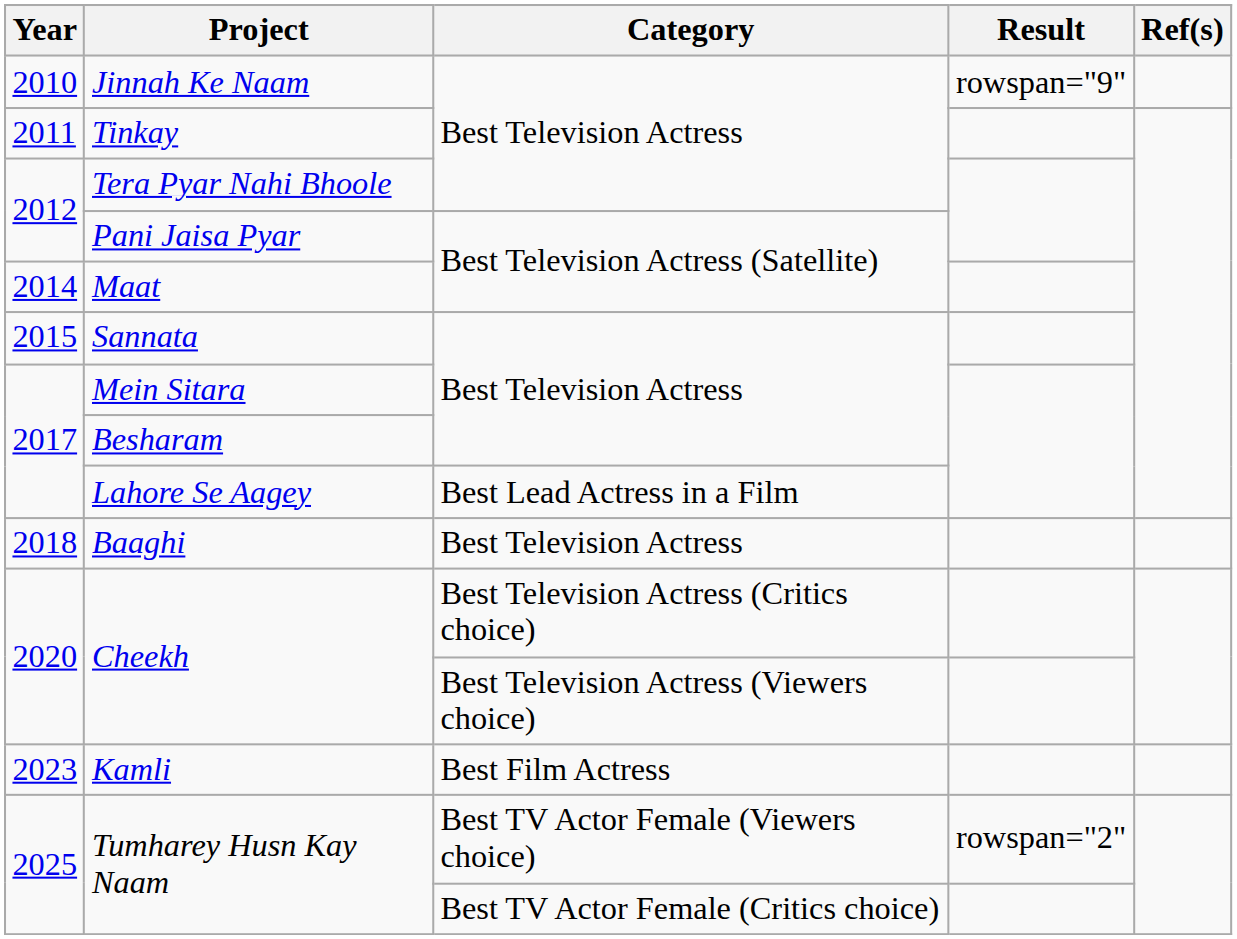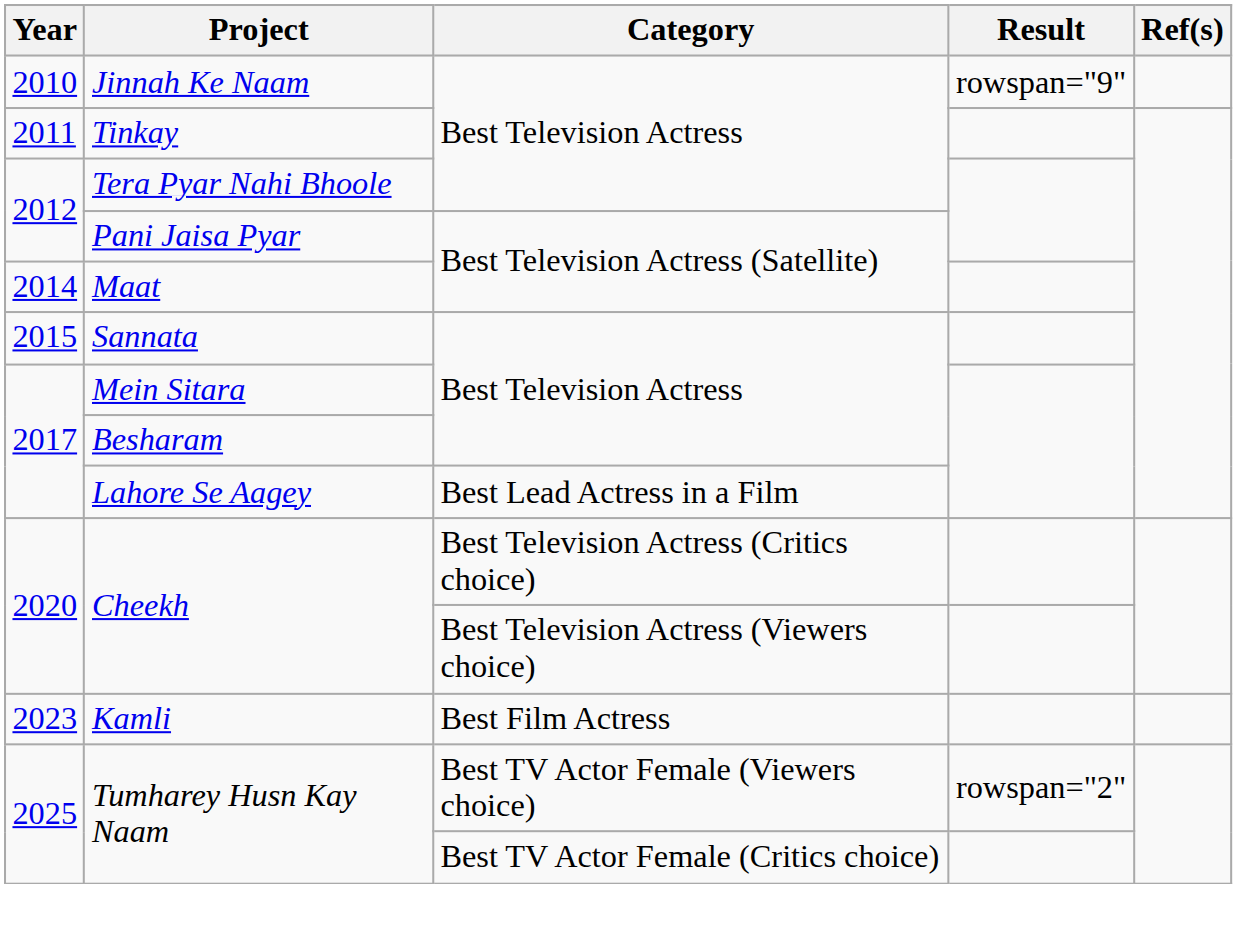 <table class="wikitable style">
 <tr>
 <th>Year</th>
 <th>Project</th>
 <th>Category</th>
 <th>Result</th>
 <th>Ref(s)</th>
 </tr>
 <tr>
 <td><a href='#'>2010</a></td>
 <td><em><a href='#'>Jinnah Ke Naam</a></em></td>
 <td rowspan="3">Best Television Actress</td>
 <td>rowspan="9" </td>
 <td></td>
 </tr>
 <tr>
 <td><a href='#'>2011</a></td>
 <td><em><a href='#'>Tinkay</a></em></td>
 <td></td>
 </tr>
 <tr>
 <td rowspan="2"><a href='#'>2012</a></td>
 <td><em><a href='#'>Tera Pyar Nahi Bhoole</a></em></td>
 <td rowspan="2"></td>
 </tr>
 <tr>
 <td><em><a href='#'>Pani Jaisa Pyar</a></em></td>
 <td rowspan="2">Best Television Actress (Satellite)</td>
 </tr>
 <tr>
 <td><a href='#'>2014</a></td>
 <td><em><a href='#'>Maat</a></em></td>
 <td></td>
 </tr>
 <tr>
 <td><a href='#'>2015</a></td>
 <td><em><a href='#'>Sannata</a></em></td>
 <td rowspan="3">Best Television Actress</td>
 <td></td>
 </tr>
 <tr>
 <td rowspan="3"><a href='#'>2017</a></td>
 <td><em><a href='#'>Mein Sitara</a></em></td>
 <td rowspan="3"></td>
 </tr>
 <tr>
 <td><em><a href='#'>Besharam</a></em></td>
 </tr>
 <tr>
 <td><em><a href='#'>Lahore Se Aagey</a></em></td>
 <td>Best Lead Actress in a Film</td>
 </tr>
 <tr>
-<td><a href='#'>2018</a></td>
-<td><em><a href='#'>Baaghi</a></em></td>
-<td>Best Television Actress</td>
-<td></td>
-<td></td>
-</tr>
-<tr>
 <td rowspan="2"><a href='#'>2020</a></td>
 <td rowspan="2"><em><a href='#'>Cheekh</a></em></td>
 <td>Best Television Actress (Critics choice)</td>
 <td></td>
 <td rowspan="2"></td>
 </tr>
 <tr>
 <td>Best Television Actress (Viewers choice)</td>
 <td></td>
 </tr>
 <tr>
 <td><a href='#'>2023</a></td>
 <td><em><a href='#'>Kamli</a></em></td>
 <td>Best Film Actress</td>
 <td></td>
 <td></td>
 </tr>
 <tr>
 <td rowspan="2"><a href='#'>2025</a></td>
 <td rowspan="2"><em>Tumharey Husn Kay Naam</em></td>
 <td>Best TV Actor Female (Viewers choice)</td>
 <td>rowspan="2" </td>
 <td rowspan="2"></td>
 </tr>
 <tr>
 <td>Best TV Actor Female (Critics choice)</td>
 </tr>
 </table>
